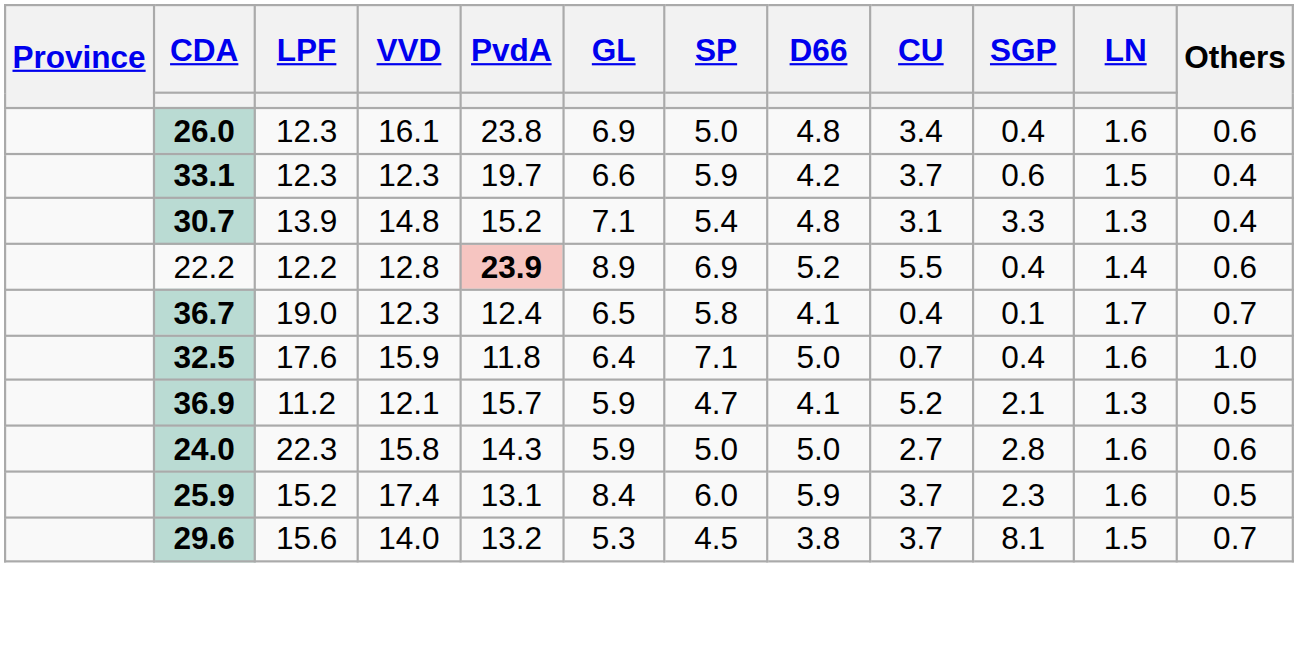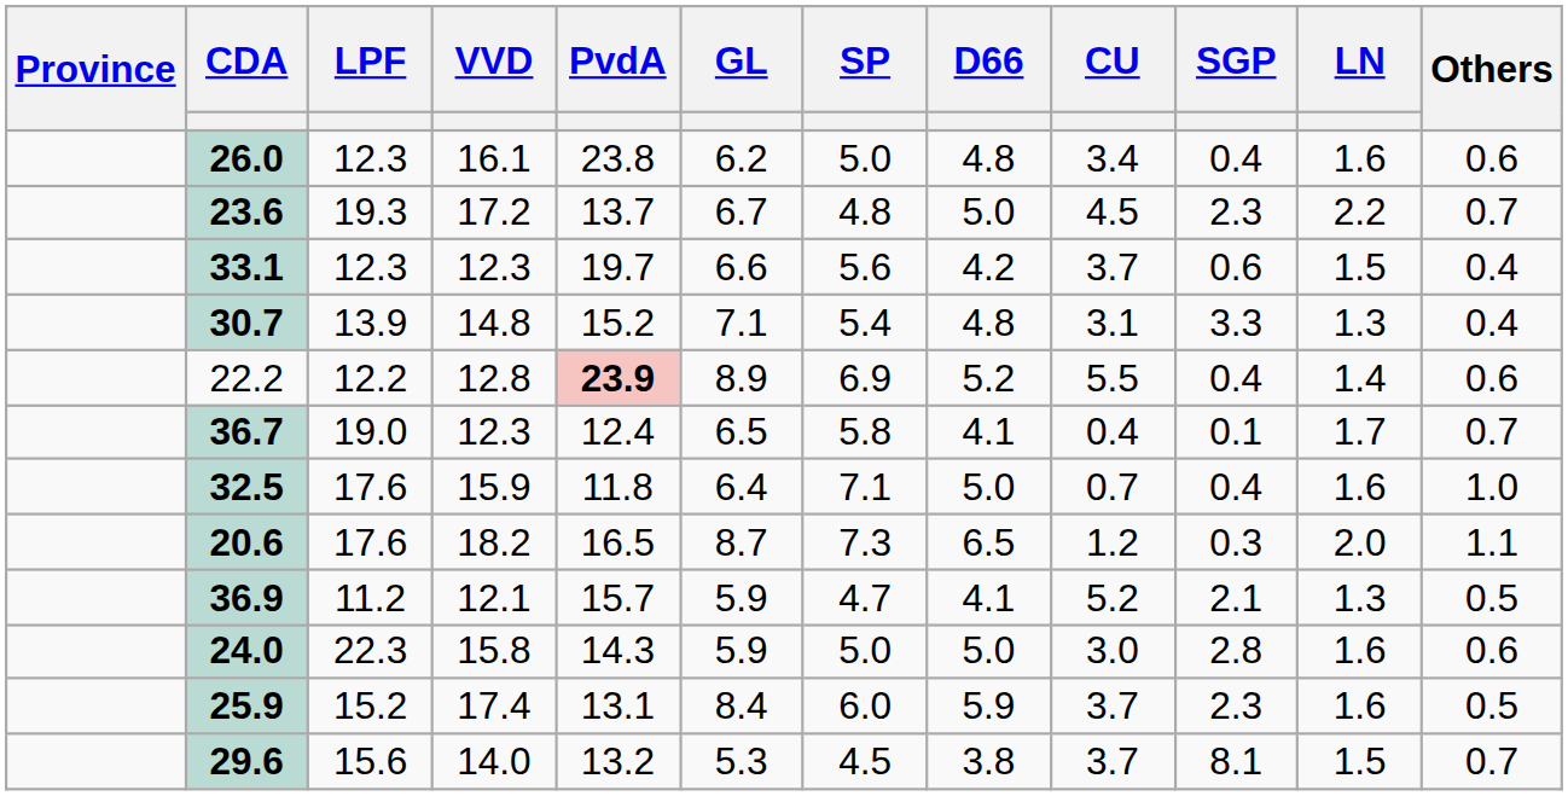 <table class="wikitable sortable" style="text-align:center;font-size:90%;line-height:14px">
 <tr style="height:40px;">
 <th rowspan="2"><a href='#'>Province</a></th>
 <th style="width:40px;"><a href='#'>CDA</a></th>
 <th style="width:40px;"><a href='#'>LPF</a></th>
 <th style="width:40px;"><a href='#'>VVD</a></th>
 <th style="width:40px;"><a href='#'>PvdA</a></th>
 <th style="width:40px;"><a href='#'>GL</a></th>
 <th style="width:40px;"><a href='#'>SP</a></th>
 <th style="width:40px;"><a href='#'>D66</a></th>
 <th style="width:40px;"><a href='#'>CU</a></th>
 <th style="width:40px;"><a href='#'>SGP</a></th>
 <th style="width:40px;"><a href='#'>LN</a></th>
 <th rowspan="2" style="width:40px;">Others</th>
 </tr>
 <tr>
 <th style="background:"></th>
 <th style="background:"></th>
 <th style="background:"></th>
 <th style="background:"></th>
 <th style="background:"></th>
 <th style="background:"></th>
 <th style="background:"></th>
 <th style="background:"></th>
 <th style="background:"></th>
 <th style="background:"></th>
 </tr>
 <tr>
 <td align="left"></td>
 <td style="background:#BADBD3;"><strong>26.0</strong></td>
 <td>12.3</td>
 <td>16.1</td>
 <td>23.8</td>
-<td>6.9</td>
+<td>6.2</td>
 <td>5.0</td>
 <td>4.8</td>
 <td>3.4</td>
 <td>0.4</td>
 <td>1.6</td>
 <td>0.6</td>
 </tr>
 <tr>
 <td align="left"></td>
+<td style="background:#BADBD3;"><strong>23.6</strong></td>
+<td>19.3</td>
+<td>17.2</td>
+<td>13.7</td>
+<td>6.7</td>
+<td>4.8</td>
+<td>5.0</td>
+<td>4.5</td>
+<td>2.3</td>
+<td>2.2</td>
+<td>0.7</td>
+</tr>
+<tr>
+<td align="left"></td>
 <td style="background:#BADBD3;"><strong>33.1</strong></td>
 <td>12.3</td>
 <td>12.3</td>
 <td>19.7</td>
 <td>6.6</td>
-<td>5.9</td>
+<td>5.6</td>
 <td>4.2</td>
 <td>3.7</td>
 <td>0.6</td>
 <td>1.5</td>
 <td>0.4</td>
 </tr>
 <tr>
 <td align="left"></td>
 <td style="background:#BADBD3;"><strong>30.7</strong></td>
 <td>13.9</td>
 <td>14.8</td>
 <td>15.2</td>
 <td>7.1</td>
 <td>5.4</td>
 <td>4.8</td>
 <td>3.1</td>
 <td>3.3</td>
 <td>1.3</td>
 <td>0.4</td>
 </tr>
 <tr>
 <td align="left"></td>
 <td>22.2</td>
 <td>12.2</td>
 <td>12.8</td>
 <td style="background:#F6C5C1;"><strong>23.9</strong></td>
 <td>8.9</td>
 <td>6.9</td>
 <td>5.2</td>
 <td>5.5</td>
 <td>0.4</td>
 <td>1.4</td>
 <td>0.6</td>
 </tr>
 <tr>
 <td align="left"></td>
 <td style="background:#BADBD3;"><strong>36.7</strong></td>
 <td>19.0</td>
 <td>12.3</td>
 <td>12.4</td>
 <td>6.5</td>
 <td>5.8</td>
 <td>4.1</td>
 <td>0.4</td>
 <td>0.1</td>
 <td>1.7</td>
 <td>0.7</td>
 </tr>
 <tr>
 <td align="left"></td>
 <td style="background:#BADBD3;"><strong>32.5</strong></td>
 <td>17.6</td>
 <td>15.9</td>
 <td>11.8</td>
 <td>6.4</td>
 <td>7.1</td>
 <td>5.0</td>
 <td>0.7</td>
 <td>0.4</td>
 <td>1.6</td>
 <td>1.0</td>
 </tr>
 <tr>
 <td align="left"></td>
+<td style="background:#BADBD3;"><strong>20.6</strong></td>
+<td>17.6</td>
+<td>18.2</td>
+<td>16.5</td>
+<td>8.7</td>
+<td>7.3</td>
+<td>6.5</td>
+<td>1.2</td>
+<td>0.3</td>
+<td>2.0</td>
+<td>1.1</td>
+</tr>
+<tr>
+<td align="left"></td>
 <td style="background:#BADBD3;"><strong>36.9</strong></td>
 <td>11.2</td>
 <td>12.1</td>
 <td>15.7</td>
 <td>5.9</td>
 <td>4.7</td>
 <td>4.1</td>
 <td>5.2</td>
 <td>2.1</td>
 <td>1.3</td>
 <td>0.5</td>
 </tr>
 <tr>
 <td align="left"></td>
 <td style="background:#BADBD3;"><strong>24.0</strong></td>
 <td>22.3</td>
 <td>15.8</td>
 <td>14.3</td>
 <td>5.9</td>
 <td>5.0</td>
 <td>5.0</td>
-<td>2.7</td>
+<td>3.0</td>
 <td>2.8</td>
 <td>1.6</td>
 <td>0.6</td>
 </tr>
 <tr>
 <td align="left"></td>
 <td style="background:#BADBD3;"><strong>25.9</strong></td>
 <td>15.2</td>
 <td>17.4</td>
 <td>13.1</td>
 <td>8.4</td>
 <td>6.0</td>
 <td>5.9</td>
 <td>3.7</td>
 <td>2.3</td>
 <td>1.6</td>
 <td>0.5</td>
 </tr>
 <tr>
 <td align="left"></td>
 <td style="background:#BADBD3;"><strong>29.6</strong></td>
 <td>15.6</td>
 <td>14.0</td>
 <td>13.2</td>
 <td>5.3</td>
 <td>4.5</td>
 <td>3.8</td>
 <td>3.7</td>
 <td>8.1</td>
 <td>1.5</td>
 <td>0.7</td>
 </tr>
 </table>
